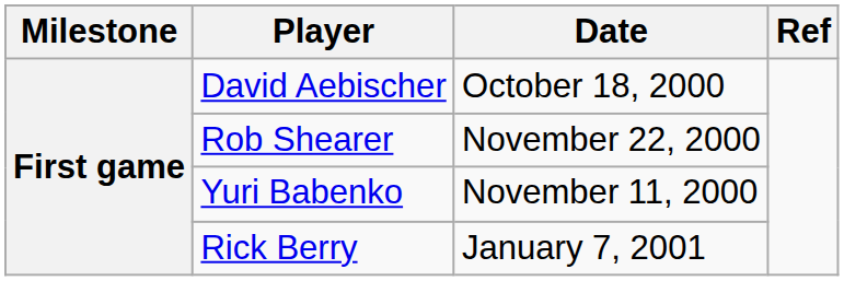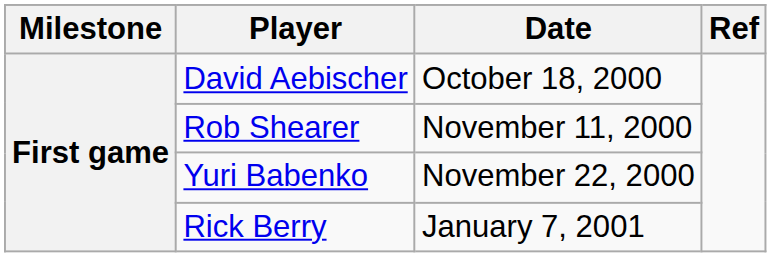 <table class="wikitable">
 <tr>
 <th scope="col">Milestone</th>
 <th scope="col">Player</th>
 <th scope="col">Date</th>
 <th scope="col">Ref</th>
 </tr>
 <tr>
 <th rowspan=4>First game</th>
 <td><a href='#'>David Aebischer</a></td>
 <td>October 18, 2000</td>
 <td rowspan=4></td>
 </tr>
 <tr>
 <td><a href='#'>Rob Shearer</a></td>
-<td>November 22, 2000</td>
+<td>November 11, 2000</td>
 </tr>
 <tr>
 <td><a href='#'>Yuri Babenko</a></td>
-<td>November 11, 2000</td>
+<td>November 22, 2000</td>
 </tr>
 <tr>
 <td><a href='#'>Rick Berry</a></td>
 <td>January 7, 2001</td>
 </tr>
 </table>
